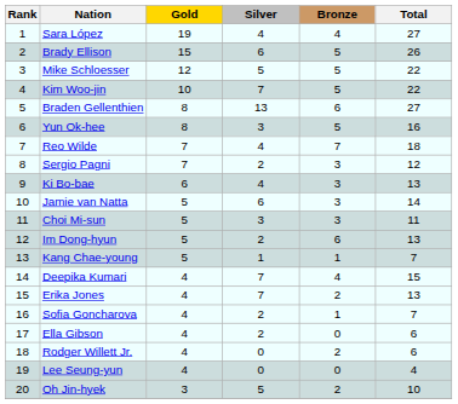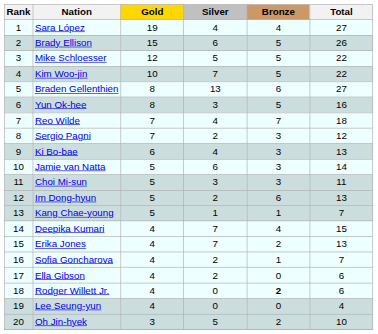 <table class="wikitable sortable plainrowheaders" style="text-align: center">
 <tr>
 <th>Rank</th>
 <th>Nation</th>
 <th style="background-color:gold; width:6em;">Gold</th>
 <th style="background-color:silver; width:6em;">Silver</th>
 <th style="background-color:#cc9966; width:6em;">Bronze</th>
 <th style="width:6em;">Total</th>
 </tr>
 <tr style="background:#eff;">
 <td>1</td>
 <td align=left> <a href='#'>Sara López</a></td>
 <td>19</td>
 <td>4</td>
 <td>4</td>
 <td>27</td>
 </tr>
 <tr style="background:#cdd;">
 <td>2</td>
 <td align=left> <a href='#'>Brady Ellison</a></td>
 <td>15</td>
 <td>6</td>
 <td>5</td>
 <td>26</td>
 </tr>
 <tr style="background:#eff;">
 <td>3</td>
 <td align=left> <a href='#'>Mike Schloesser</a></td>
 <td>12</td>
 <td>5</td>
 <td>5</td>
 <td>22</td>
 </tr>
 <tr style="background:#cdd;">
 <td>4</td>
 <td align=left> <a href='#'>Kim Woo-jin</a></td>
 <td>10</td>
 <td>7</td>
 <td>5</td>
 <td>22</td>
 </tr>
 <tr style="background:#eff;">
 <td>5</td>
 <td align=left> <a href='#'>Braden Gellenthien</a></td>
 <td>8</td>
 <td>13</td>
 <td>6</td>
 <td>27</td>
 </tr>
 <tr style="background:#cdd;">
 <td>6</td>
 <td align=left> <a href='#'>Yun Ok-hee</a></td>
 <td>8</td>
 <td>3</td>
 <td>5</td>
 <td>16</td>
 </tr>
 <tr style="background:#eff;">
 <td>7</td>
 <td align=left> <a href='#'>Reo Wilde</a></td>
 <td>7</td>
 <td>4</td>
 <td>7</td>
 <td>18</td>
 </tr>
 <tr style="background:#eff;">
 <td>8</td>
 <td align=left> <a href='#'>Sergio Pagni</a></td>
 <td>7</td>
 <td>2</td>
 <td>3</td>
 <td>12</td>
 </tr>
 <tr style="background:#cdd;">
 <td>9</td>
 <td align=left> <a href='#'>Ki Bo-bae</a></td>
 <td>6</td>
 <td>4</td>
 <td>3</td>
 <td>13</td>
 </tr>
 <tr style="background:#eff;">
 <td>10</td>
 <td align=left> <a href='#'>Jamie van Natta</a></td>
 <td>5</td>
 <td>6</td>
 <td>3</td>
 <td>14</td>
 </tr>
 <tr style="background:#cdd;">
 <td>11</td>
 <td align=left> <a href='#'>Choi Mi-sun</a></td>
 <td>5</td>
 <td>3</td>
 <td>3</td>
 <td>11</td>
 </tr>
 <tr style="background:#cdd;">
 <td>12</td>
 <td align=left> <a href='#'>Im Dong-hyun</a></td>
 <td>5</td>
 <td>2</td>
 <td>6</td>
 <td>13</td>
 </tr>
 <tr style="background:#cdd;">
 <td>13</td>
 <td align=left> <a href='#'>Kang Chae-young</a></td>
 <td>5</td>
 <td>1</td>
 <td>1</td>
 <td>7</td>
 </tr>
 <tr style="background:#eff;">
 <td>14</td>
 <td align=left> <a href='#'>Deepika Kumari</a></td>
 <td>4</td>
 <td>7</td>
 <td>4</td>
 <td>15</td>
 </tr>
 <tr style="background:#eff;">
 <td>15</td>
 <td align=left> <a href='#'>Erika Jones</a></td>
 <td>4</td>
 <td>7</td>
 <td>2</td>
 <td>13</td>
 </tr>
 <tr style="background:#eff;">
 <td>16</td>
 <td align=left> <a href='#'>Sofia Goncharova</a></td>
 <td>4</td>
 <td>2</td>
 <td>1</td>
 <td>7</td>
 </tr>
 <tr style="background:#eff;">
 <td>17</td>
 <td align=left> <a href='#'>Ella Gibson</a></td>
 <td>4</td>
 <td>2</td>
 <td>0</td>
 <td>6</td>
 </tr>
 <tr style="background:#eff;">
 <td>18</td>
 <td align=left> <a href='#'>Rodger Willett Jr.</a></td>
 <td>4</td>
 <td>0</td>
-<td>2</td>
+<td><strong>2</strong></td>
 <td>6</td>
 </tr>
 <tr style="background:#cdd;">
 <td>19</td>
 <td align=left> <a href='#'>Lee Seung-yun</a></td>
 <td>4</td>
 <td>0</td>
 <td>0</td>
 <td>4</td>
 </tr>
 <tr style="background:#cdd;">
 <td>20</td>
 <td align=left> <a href='#'>Oh Jin-hyek</a></td>
 <td>3</td>
 <td>5</td>
 <td>2</td>
 <td>10</td>
 </tr>
 <tr>
 </tr>
 <tr style="background:#eff;">
 </tr>
 </table>
